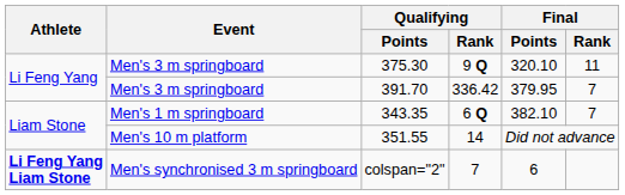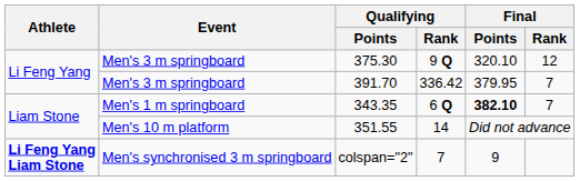 <table class=wikitable style="text-align:center; font-size:90%">
 <tr>
 <th rowspan="2">Athlete</th>
 <th rowspan="2">Event</th>
 <th colspan="2">Qualifying</th>
 <th colspan="2">Final</th>
 </tr>
 <tr>
 <th>Points</th>
 <th>Rank</th>
 <th>Points</th>
 <th>Rank</th>
 </tr>
 <tr>
 <td align=left rowspan=2><a href='#'>Li Feng Yang</a></td>
 <td align=left><a href='#'>Men's 3 m springboard</a></td>
 <td>375.30</td>
 <td>9 <strong>Q</strong></td>
 <td>320.10</td>
-<td>11</td>
+<td>12</td>
 </tr>
 <tr>
 <td align=left><a href='#'>Men's 3 m springboard</a></td>
 <td>391.70</td>
 <td>336.42</td>
 <td>379.95</td>
 <td>7</td>
 </tr>
 <tr>
 <td align=left rowspan=2><a href='#'>Liam Stone</a></td>
 <td align=left><a href='#'>Men's 1 m springboard</a></td>
 <td>343.35</td>
 <td>6 <strong>Q</strong></td>
-<td>382.10</td>
+<td><strong>382.10</strong></td>
 <td>7</td>
 </tr>
 <tr>
 <td align=left><a href='#'>Men's 10 m platform</a></td>
 <td>351.55</td>
 <td>14</td>
 <td colspan="2"><em>Did not advance</em></td>
 </tr>
 <tr>
 <td align=left><strong><a href='#'>Li Feng Yang</a><br><a href='#'>Liam Stone</a></strong></td>
 <td align=left><a href='#'>Men's synchronised 3 m springboard</a></td>
 <td>colspan="2" </td>
 <td>7</td>
-<td>6</td>
+<td>9</td>
 </tr>
 </table>
